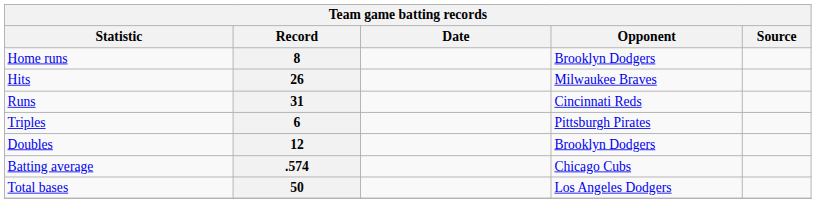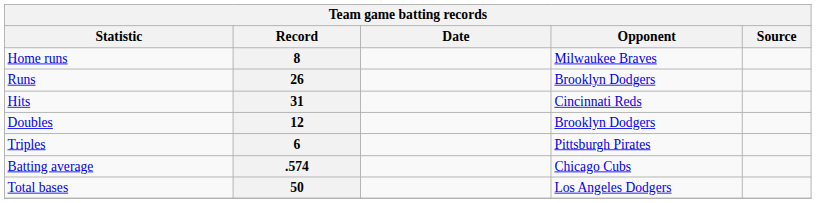 <table class="wikitable sortable" style="text-align:left" width="60%">
 <tr>
 <th colspan=5>Team game batting records</th>
 </tr>
 <tr>
 <th scope="col" width=18%>Statistic</th>
 <th scope="col" class="unsortable" width=10%>Record</th>
 <th scope="col" width=15%>Date</th>
 <th scope="col" width=15%>Opponent</th>
 <th scope="col" class="unsortable" width=5%>Source</th>
 </tr>
 <tr>
 <td><a href='#'>Home runs</a></td>
 <th scope="row">8</th>
 <td></td>
+<td><a href='#'>Milwaukee Braves</a></td>
+<td></td>
+</tr>
+<tr>
+<td><a href='#'>Runs</a></td>
+<th scope="row">26</th>
+<td></td>
 <td><a href='#'>Brooklyn Dodgers</a></td>
 <td></td>
 </tr>
 <tr>
 <td><a href='#'>Hits</a></td>
-<th scope="row">26</th>
+<th scope="row">31</th>
 <td></td>
-<td><a href='#'>Milwaukee Braves</a></td>
+<td><a href='#'>Cincinnati Reds</a></td>
 <td></td>
 </tr>
 <tr>
-<td><a href='#'>Runs</a></td>
-<th scope="row">31</th>
+<td><a href='#'>Doubles</a></td>
+<th scope="row">12</th>
 <td></td>
-<td><a href='#'>Cincinnati Reds</a></td>
+<td><a href='#'>Brooklyn Dodgers</a></td>
 <td></td>
 </tr>
 <tr>
 <td><a href='#'>Triples</a></td>
 <th scope="row">6</th>
 <td></td>
 <td><a href='#'>Pittsburgh Pirates</a></td>
-<td></td>
-</tr>
-<tr>
-<td><a href='#'>Doubles</a></td>
-<th scope="row">12</th>
-<td></td>
-<td><a href='#'>Brooklyn Dodgers</a></td>
 <td></td>
 </tr>
 <tr>
 <td><a href='#'>Batting average</a></td>
 <th scope="row">.574</th>
 <td></td>
 <td><a href='#'>Chicago Cubs</a></td>
 <td></td>
 </tr>
 <tr>
 <td><a href='#'>Total bases</a></td>
 <th scope="row">50</th>
 <td></td>
 <td><a href='#'>Los Angeles Dodgers</a></td>
 <td></td>
 </tr>
 <tr>
 </tr>
 </table>
